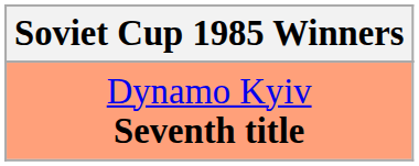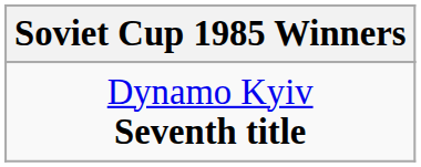 <table class="wikitable" style="text-align: center; margin: 0 auto;">
 <tr>
 <th>Soviet Cup 1985 Winners</th>
 </tr>
 <tr>
 </tr>
 <tr>
-<td style="background: lightsalmon;"><a href='#'>Dynamo Kyiv</a><br><strong>Seventh title</strong></td>
+<td><a href='#'>Dynamo Kyiv</a><br><strong>Seventh title</strong></td>
 </tr>
 </table>
